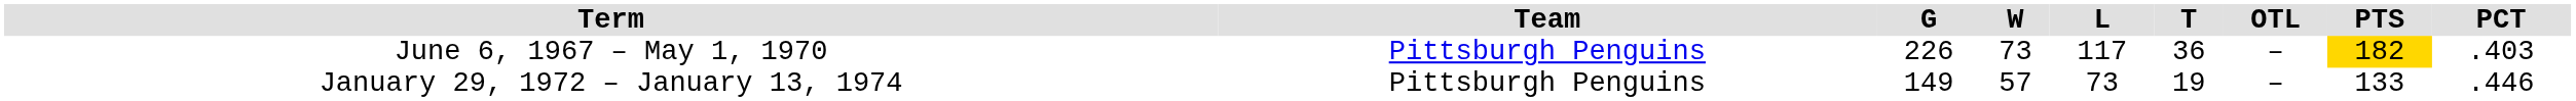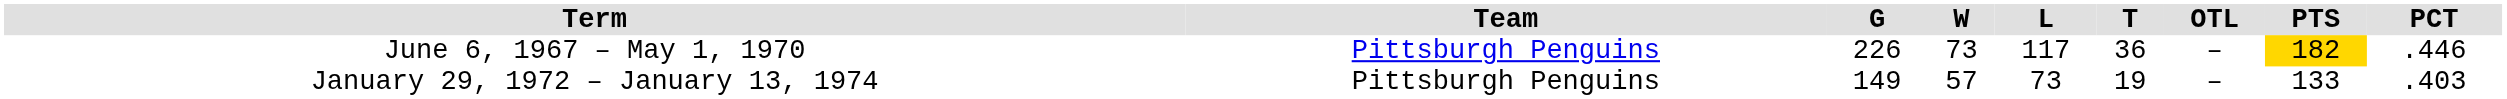 <table border="0" cellpadding="0" cellspacing="0" style="width:95%;">
 <tr>
 <th colspan="3" style="background:#fff;"></th>
 <th rowspan="99" style="background:#fff;"></th>
 </tr>
 <tr style="background:#e0e0e0; text-align:center;">
 <th>Term</th>
 <th>Team</th>
 <th>G</th>
 <th>W</th>
 <th>L</th>
 <th>T</th>
 <th>OTL</th>
 <th>PTS</th>
 <th>PCT</th>
 </tr>
 <tr style="text-align:center;">
 <td>June 6, 1967 – May 1, 1970</td>
 <td><a href='#'>Pittsburgh Penguins</a></td>
 <td>226</td>
 <td>73</td>
 <td>117</td>
 <td>36</td>
 <td>–</td>
 <td style="background: gold;">182</td>
-<td>.403</td>
+<td>.446</td>
 </tr>
 <tr style="text-align:center;">
 <td>January 29, 1972 – January 13, 1974</td>
 <td>Pittsburgh Penguins</td>
 <td>149</td>
 <td>57</td>
 <td>73</td>
 <td>19</td>
 <td>–</td>
 <td>133</td>
-<td>.446</td>
+<td>.403</td>
 </tr>
 </table>
